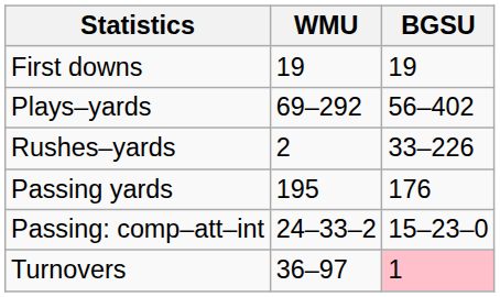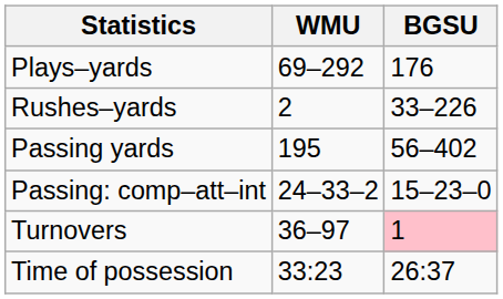 <table class="wikitable" style="float:left">
 <tr>
 <th>Statistics</th>
 <th>WMU</th>
 <th>BGSU</th>
 </tr>
 <tr>
-<td>First downs</td>
-<td>19</td>
-<td>19</td>
-</tr>
-<tr>
 <td>Plays–yards</td>
 <td>69–292</td>
-<td>56–402</td>
+<td>176</td>
 </tr>
 <tr>
 <td>Rushes–yards</td>
 <td>2</td>
 <td>33–226</td>
 </tr>
 <tr>
 <td>Passing yards</td>
 <td>195</td>
-<td>176</td>
+<td>56–402</td>
 </tr>
 <tr>
 <td>Passing: comp–att–int</td>
 <td>24–33–2</td>
 <td>15–23–0</td>
 </tr>
 <tr>
 <td>Turnovers</td>
 <td>36–97</td>
 <td style="background: pink;">1</td>
 </tr>
+<tr>
+<td>Time of possession</td>
+<td>33:23</td>
+<td>26:37</td>
+</tr>
 </table>
